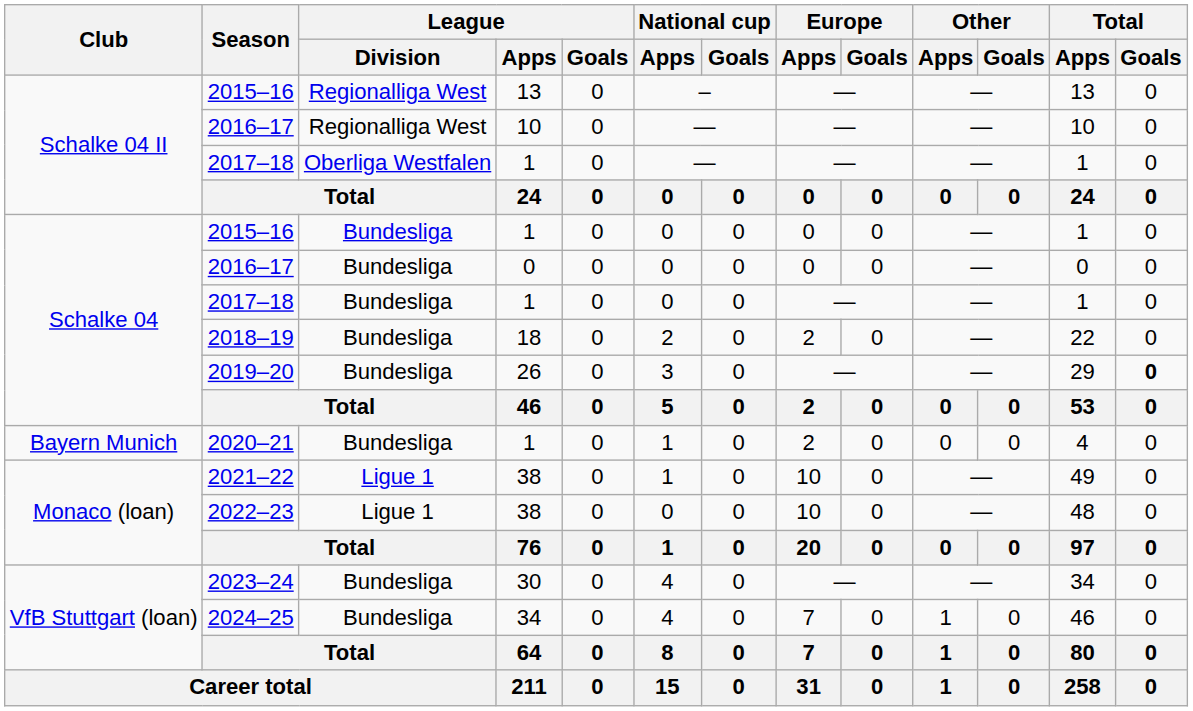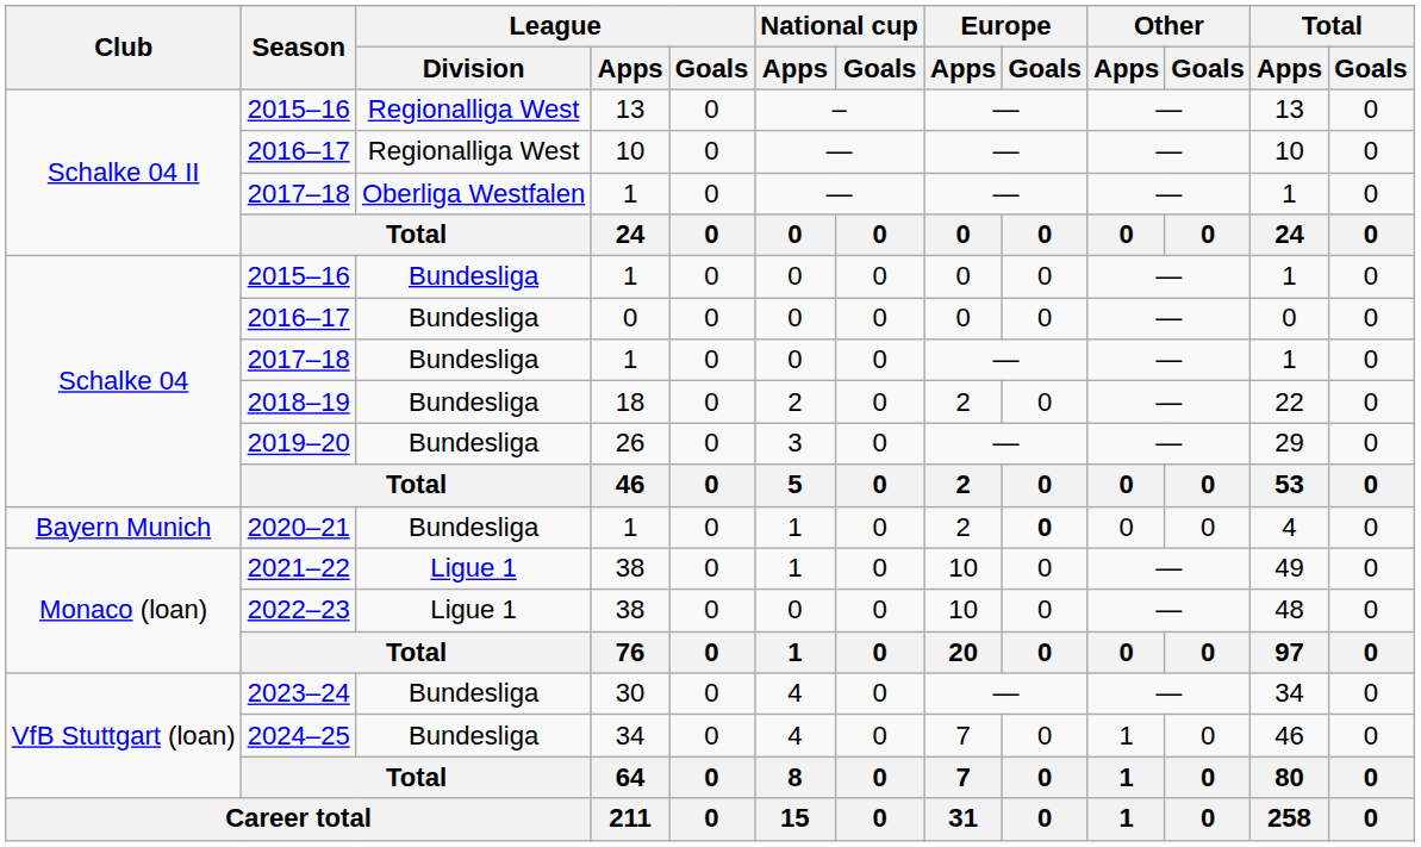 <table class="wikitable" style="text-align:center">
 <tr>
 <th rowspan="2">Club</th>
 <th rowspan="2">Season</th>
 <th colspan="3">League</th>
 <th colspan="2">National cup</th>
 <th colspan="2">Europe</th>
 <th colspan="2">Other</th>
 <th colspan="2">Total</th>
 </tr>
 <tr>
 <th>Division</th>
 <th>Apps</th>
 <th>Goals</th>
 <th>Apps</th>
 <th>Goals</th>
 <th>Apps</th>
 <th>Goals</th>
 <th>Apps</th>
 <th>Goals</th>
 <th>Apps</th>
 <th>Goals</th>
 </tr>
 <tr>
 <td rowspan="4"><a href='#'>Schalke 04 II</a></td>
 <td><a href='#'>2015–16</a></td>
 <td><a href='#'>Regionalliga West</a></td>
 <td>13</td>
 <td>0</td>
 <td colspan="2">–</td>
 <td colspan="2">—</td>
 <td colspan="2">—</td>
 <td>13</td>
 <td>0</td>
 </tr>
 <tr>
 <td><a href='#'>2016–17</a></td>
 <td>Regionalliga West</td>
 <td>10</td>
 <td>0</td>
 <td colspan="2">—</td>
 <td colspan="2">—</td>
 <td colspan="2">—</td>
 <td>10</td>
 <td>0</td>
 </tr>
 <tr>
 <td><a href='#'>2017–18</a></td>
 <td><a href='#'>Oberliga Westfalen</a></td>
 <td>1</td>
 <td>0</td>
 <td colspan="2">—</td>
 <td colspan="2">—</td>
 <td colspan="2">—</td>
 <td>1</td>
 <td>0</td>
 </tr>
 <tr>
 <th colspan="2">Total</th>
 <th>24</th>
 <th>0</th>
 <th>0</th>
 <th>0</th>
 <th>0</th>
 <th>0</th>
 <th>0</th>
 <th>0</th>
 <th>24</th>
 <th>0</th>
 </tr>
 <tr>
 <td rowspan="6"><a href='#'>Schalke 04</a></td>
 <td><a href='#'>2015–16</a></td>
 <td><a href='#'>Bundesliga</a></td>
 <td>1</td>
 <td>0</td>
 <td>0</td>
 <td>0</td>
 <td>0</td>
 <td>0</td>
 <td colspan="2">—</td>
 <td>1</td>
 <td>0</td>
 </tr>
 <tr>
 <td><a href='#'>2016–17</a></td>
 <td>Bundesliga</td>
 <td>0</td>
 <td>0</td>
 <td>0</td>
 <td>0</td>
 <td>0</td>
 <td>0</td>
 <td colspan="2">—</td>
 <td>0</td>
 <td>0</td>
 </tr>
 <tr>
 <td><a href='#'>2017–18</a></td>
 <td>Bundesliga</td>
 <td>1</td>
 <td>0</td>
 <td>0</td>
 <td>0</td>
 <td colspan="2">—</td>
 <td colspan="2">—</td>
 <td>1</td>
 <td>0</td>
 </tr>
 <tr>
 <td><a href='#'>2018–19</a></td>
 <td>Bundesliga</td>
 <td>18</td>
 <td>0</td>
 <td>2</td>
 <td>0</td>
 <td>2</td>
 <td>0</td>
 <td colspan="2">—</td>
 <td>22</td>
 <td>0</td>
 </tr>
 <tr>
 <td><a href='#'>2019–20</a></td>
 <td>Bundesliga</td>
 <td>26</td>
 <td>0</td>
 <td>3</td>
 <td>0</td>
 <td colspan="2">—</td>
 <td colspan="2">—</td>
 <td>29</td>
-<td><strong>0</strong></td>
+<td>0</td>
 </tr>
 <tr>
 <th colspan="2">Total</th>
 <th>46</th>
 <th>0</th>
 <th>5</th>
 <th>0</th>
 <th>2</th>
 <th>0</th>
 <th>0</th>
 <th>0</th>
 <th>53</th>
 <th>0</th>
 </tr>
 <tr>
 <td><a href='#'>Bayern Munich</a></td>
 <td><a href='#'>2020–21</a></td>
 <td>Bundesliga</td>
 <td>1</td>
 <td>0</td>
 <td>1</td>
 <td>0</td>
 <td>2</td>
-<td>0</td>
+<td><strong>0</strong></td>
 <td>0</td>
 <td>0</td>
 <td>4</td>
 <td>0</td>
 </tr>
 <tr>
 <td rowspan="3"><a href='#'>Monaco</a> (loan)</td>
 <td><a href='#'>2021–22</a></td>
 <td><a href='#'>Ligue 1</a></td>
 <td>38</td>
 <td>0</td>
 <td>1</td>
 <td>0</td>
 <td>10</td>
 <td>0</td>
 <td colspan="2">—</td>
 <td>49</td>
 <td>0</td>
 </tr>
 <tr>
 <td><a href='#'>2022–23</a></td>
 <td>Ligue 1</td>
 <td>38</td>
 <td>0</td>
 <td>0</td>
 <td>0</td>
 <td>10</td>
 <td>0</td>
 <td colspan="2">—</td>
 <td>48</td>
 <td>0</td>
 </tr>
 <tr>
 <th colspan="2">Total</th>
 <th>76</th>
 <th>0</th>
 <th>1</th>
 <th>0</th>
 <th>20</th>
 <th>0</th>
 <th>0</th>
 <th>0</th>
 <th>97</th>
 <th>0</th>
 </tr>
 <tr>
 <td rowspan="3"><a href='#'>VfB Stuttgart</a> (loan)</td>
 <td><a href='#'>2023–24</a></td>
 <td>Bundesliga</td>
 <td>30</td>
 <td>0</td>
 <td>4</td>
 <td>0</td>
 <td colspan="2">—</td>
 <td colspan="2">—</td>
 <td>34</td>
 <td>0</td>
 </tr>
 <tr>
 <td><a href='#'>2024–25</a></td>
 <td>Bundesliga</td>
 <td>34</td>
 <td>0</td>
 <td>4</td>
 <td>0</td>
 <td>7</td>
 <td>0</td>
 <td>1</td>
 <td>0</td>
 <td>46</td>
 <td>0</td>
 </tr>
 <tr>
 <th colspan="2">Total</th>
 <th>64</th>
 <th>0</th>
 <th>8</th>
 <th>0</th>
 <th>7</th>
 <th>0</th>
 <th>1</th>
 <th>0</th>
 <th>80</th>
 <th>0</th>
 </tr>
 <tr>
 <th colspan="3">Career total</th>
 <th>211</th>
 <th>0</th>
 <th>15</th>
 <th>0</th>
 <th>31</th>
 <th>0</th>
 <th>1</th>
 <th>0</th>
 <th>258</th>
 <th>0</th>
 </tr>
 </table>
